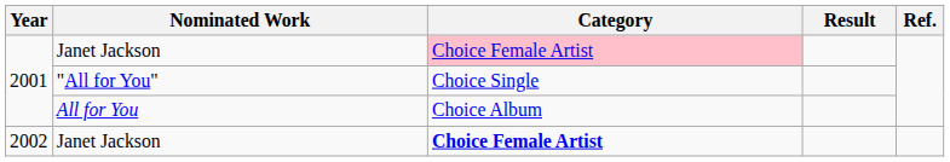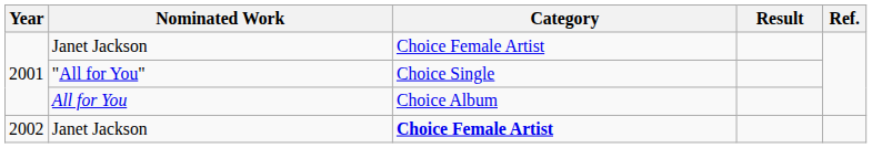 <table class="wikitable" width="50%">
 <tr>
 <th width="5%">Year</th>
 <th width="40%">Nominated Work</th>
 <th width="40%">Category</th>
 <th width="10%">Result</th>
 <th width="5%">Ref.</th>
 </tr>
 <tr>
 <td rowspan="3">2001</td>
 <td>Janet Jackson</td>
-<td style="background: pink;"><a href='#'>Choice Female Artist</a></td>
+<td><a href='#'>Choice Female Artist</a></td>
 <td></td>
 <td rowspan="3"></td>
 </tr>
 <tr>
 <td>"<a href='#'>All for You</a>"</td>
 <td><a href='#'>Choice Single</a></td>
 <td></td>
 </tr>
 <tr>
 <td><em><a href='#'>All for You</a></em></td>
 <td><a href='#'>Choice Album</a></td>
 <td></td>
 </tr>
 <tr>
 <td>2002</td>
 <td>Janet Jackson</td>
 <td><strong><a href='#'>Choice Female Artist</a></strong></td>
 <td></td>
 <td></td>
 </tr>
 </table>
